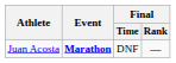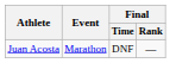 <table class="wikitable" style="font-size:90%;">
 <tr>
 <th rowspan="2">Athlete</th>
 <th rowspan="2">Event</th>
 <th colspan="2">Final</th>
 </tr>
 <tr style="font-size:95%">
 <th>Time</th>
 <th>Rank</th>
 </tr>
 <tr align=center>
 <td align=left><a href='#'>Juan Acosta</a></td>
-<td align=left><strong><a href='#'>Marathon</a></strong></td>
+<td align=left><a href='#'>Marathon</a></td>
 <td>DNF</td>
 <td>—</td>
 </tr>
 </table>
